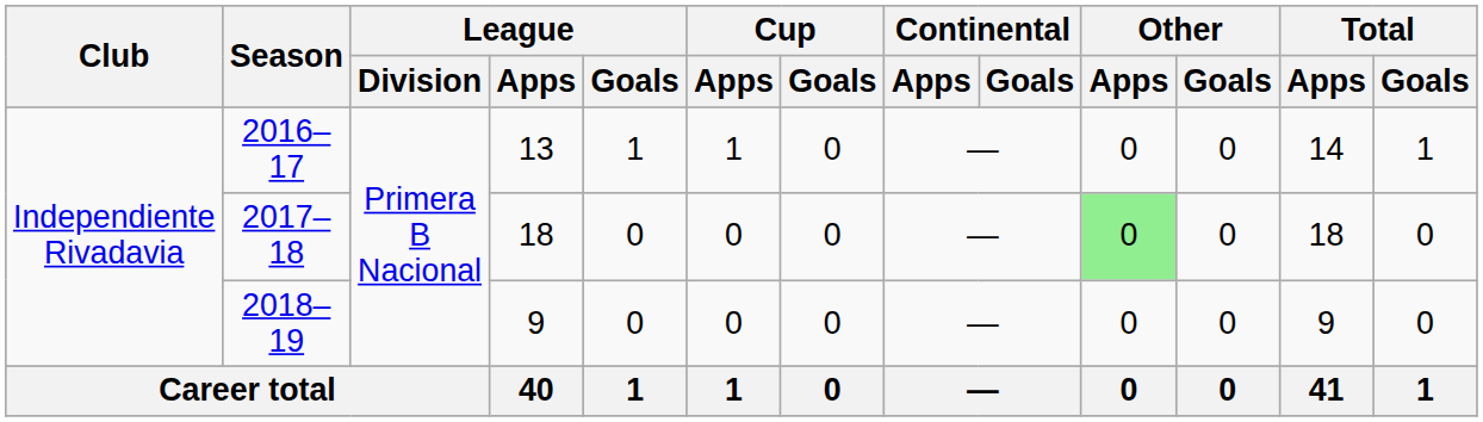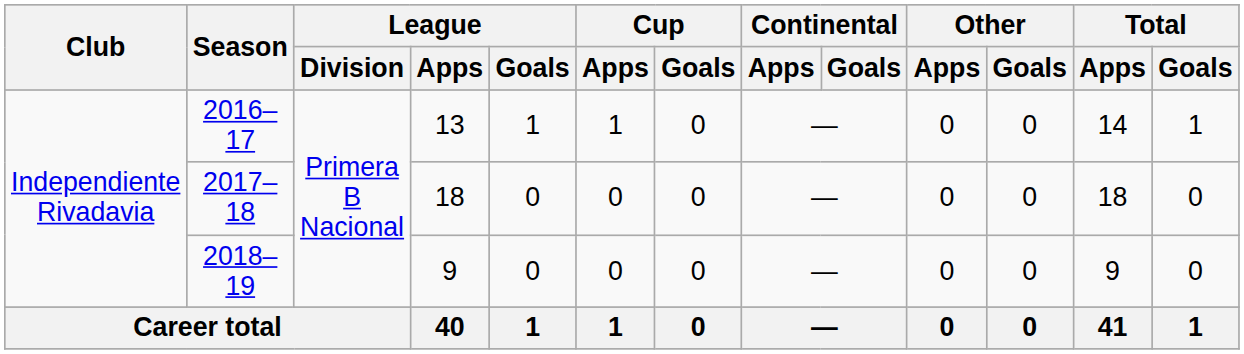 <table class="wikitable" style="text-align:center">
 <tr>
 <th rowspan="2">Club</th>
 <th rowspan="2">Season</th>
 <th colspan="3">League</th>
 <th colspan="2">Cup</th>
 <th colspan="2">Continental</th>
 <th colspan="2">Other</th>
 <th colspan="2">Total</th>
 </tr>
 <tr>
 <th>Division</th>
 <th>Apps</th>
 <th>Goals</th>
 <th>Apps</th>
 <th>Goals</th>
 <th>Apps</th>
 <th>Goals</th>
 <th>Apps</th>
 <th>Goals</th>
 <th>Apps</th>
 <th>Goals</th>
 </tr>
 <tr>
 <td rowspan="3"><a href='#'>Independiente Rivadavia</a></td>
 <td><a href='#'>2016–17</a></td>
 <td rowspan="3"><a href='#'>Primera B Nacional</a></td>
 <td>13</td>
 <td>1</td>
 <td>1</td>
 <td>0</td>
 <td colspan="2">—</td>
 <td>0</td>
 <td>0</td>
 <td>14</td>
 <td>1</td>
 </tr>
 <tr>
 <td><a href='#'>2017–18</a></td>
 <td>18</td>
 <td>0</td>
 <td>0</td>
 <td>0</td>
 <td colspan="2">—</td>
-<td style="background: lightgreen;">0</td>
+<td>0</td>
 <td>0</td>
 <td>18</td>
 <td>0</td>
 </tr>
 <tr>
 <td><a href='#'>2018–19</a></td>
 <td>9</td>
 <td>0</td>
 <td>0</td>
 <td>0</td>
 <td colspan="2">—</td>
 <td>0</td>
 <td>0</td>
 <td>9</td>
 <td>0</td>
 </tr>
 <tr>
 <th colspan="3">Career total</th>
 <th>40</th>
 <th>1</th>
 <th>1</th>
 <th>0</th>
 <th colspan="2">—</th>
 <th>0</th>
 <th>0</th>
 <th>41</th>
 <th>1</th>
 </tr>
 </table>
